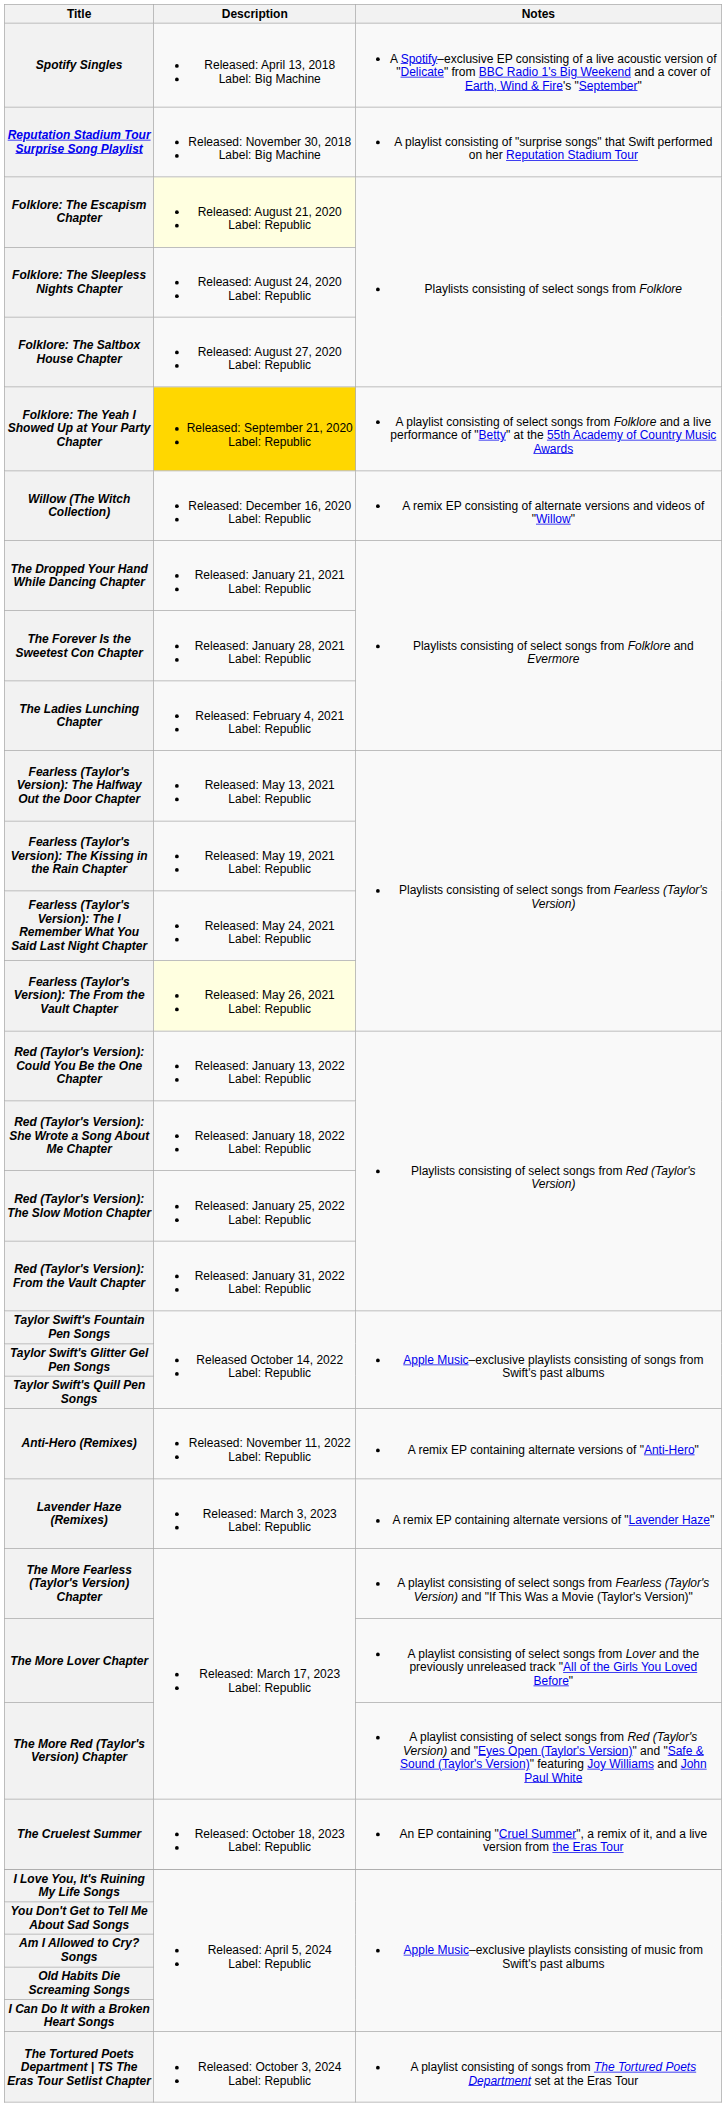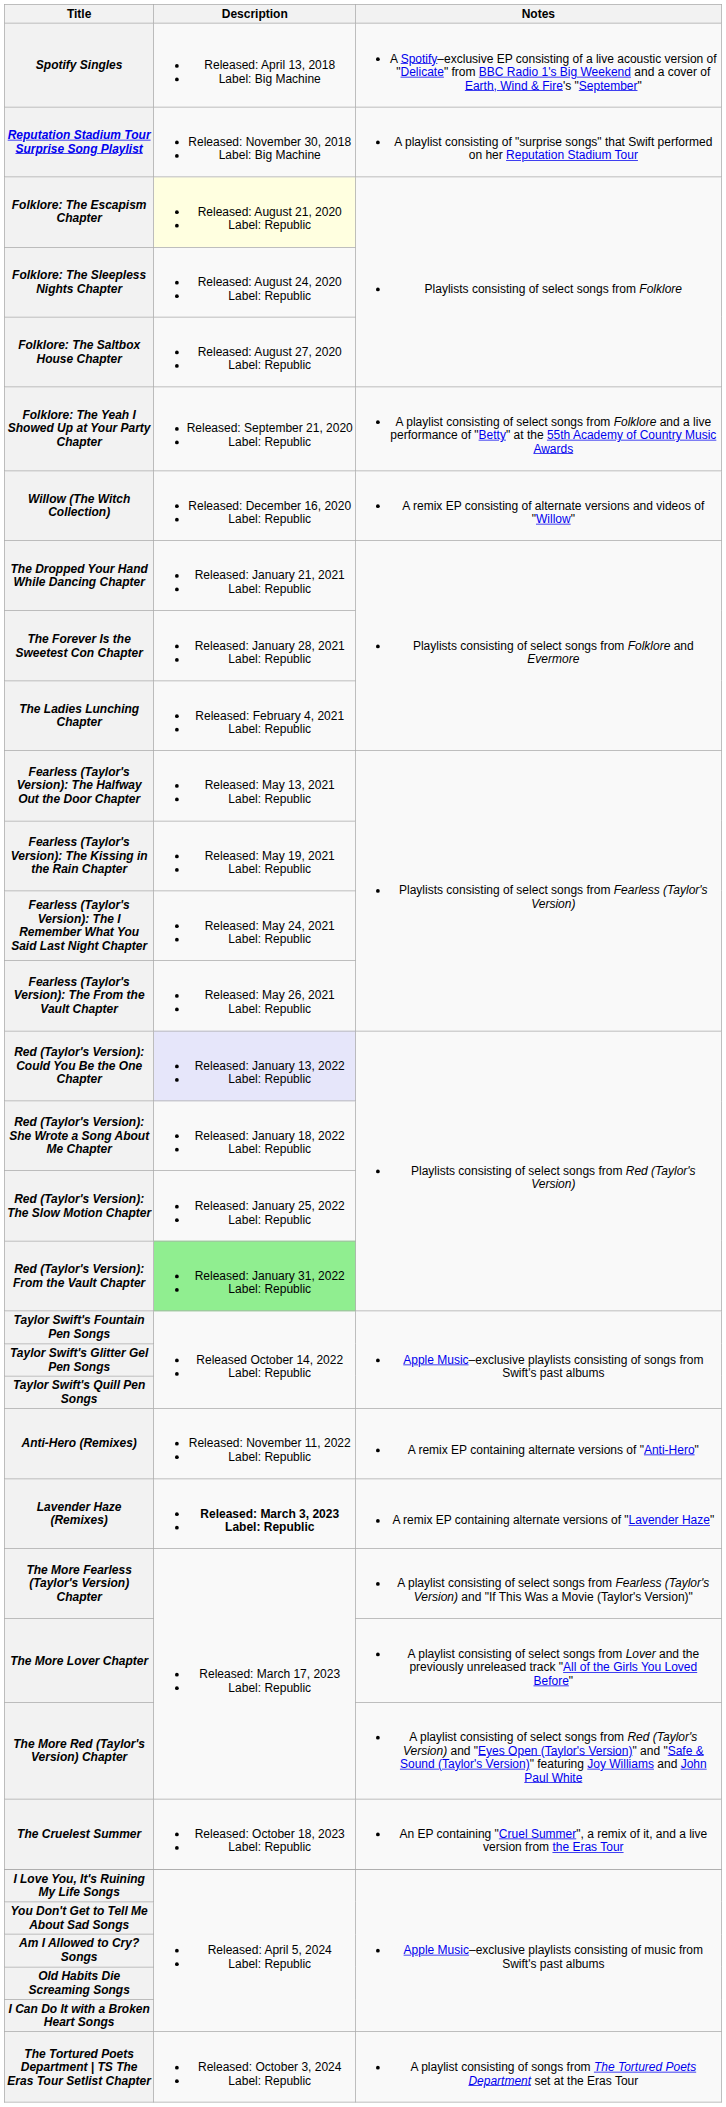 <table class="wikitable plainrowheaders" style="text-align:center;">
 <tr>
 <th scope="col" style="width:12em;">Title</th>
 <th scope="col">Description</th>
 <th scope="col" style="width:30em;">Notes</th>
 </tr>
 <tr>
 <th scope="row"><em>Spotify Singles</em></th>
 <td><br><ul><li>Released: April 13, 2018</li><li>Label: Big Machine</li></ul></td>
 <td><br><ul><li>A <a href='#'>Spotify</a>–exclusive EP consisting of a live acoustic version of "<a href='#'>Delicate</a>" from <a href='#'>BBC Radio 1's Big Weekend</a> and a cover of <a href='#'>Earth, Wind & Fire</a>'s "<a href='#'>September</a>"</li></ul></td>
 </tr>
 <tr>
 <th scope="row"><em><a href='#'>Reputation Stadium Tour Surprise Song Playlist</a></em></th>
 <td><br><ul><li>Released: November 30, 2018</li><li>Label: Big Machine</li></ul></td>
 <td><br><ul><li>A playlist consisting of "surprise songs" that Swift performed on her <a href='#'>Reputation Stadium Tour</a></li></ul></td>
 </tr>
 <tr>
 <th scope="row"><em>Folklore: The Escapism Chapter</em></th>
 <td style="background: lightyellow;"><br><ul><li>Released: August 21, 2020</li><li>Label: Republic</li></ul></td>
 <td rowspan="3"><br><ul><li>Playlists consisting of select songs from <em>Folklore</em></li></ul></td>
 </tr>
 <tr>
 <th scope="row"><em>Folklore: The Sleepless Nights Chapter</em></th>
 <td><br><ul><li>Released: August 24, 2020</li><li>Label: Republic</li></ul></td>
 </tr>
 <tr>
 <th scope="row"><em>Folklore: The Saltbox House Chapter</em></th>
 <td><br><ul><li>Released: August 27, 2020</li><li>Label: Republic</li></ul></td>
 </tr>
 <tr>
 <th scope="row"><em>Folklore: The Yeah I Showed Up at Your Party Chapter</em></th>
-<td style="background: gold;"><br><ul><li>Released: September 21, 2020</li><li>Label: Republic</li></ul></td>
+<td><br><ul><li>Released: September 21, 2020</li><li>Label: Republic</li></ul></td>
 <td><br><ul><li>A playlist consisting of select songs from <em>Folklore</em> and a live performance of "<a href='#'>Betty</a>" at the <a href='#'>55th Academy of Country Music Awards</a></li></ul></td>
 </tr>
 <tr>
 <th scope="row"><em>Willow (The Witch Collection)</em></th>
 <td><br><ul><li>Released: December 16, 2020</li><li>Label: Republic</li></ul></td>
 <td><br><ul><li>A remix EP consisting of alternate versions and videos of "<a href='#'>Willow</a>"</li></ul></td>
 </tr>
 <tr>
 <th scope="row"><em>The Dropped Your Hand While Dancing Chapter</em></th>
 <td><br><ul><li>Released: January 21, 2021</li><li>Label: Republic</li></ul></td>
 <td rowspan="3"><br><ul><li>Playlists consisting of select songs from <em>Folklore</em> and <em>Evermore</em></li></ul></td>
 </tr>
 <tr>
 <th scope="row"><em>The Forever Is the Sweetest Con Chapter</em></th>
 <td><br><ul><li>Released: January 28, 2021</li><li>Label: Republic</li></ul></td>
 </tr>
 <tr>
 <th scope="row"><em>The Ladies Lunching Chapter</em></th>
 <td><br><ul><li>Released: February 4, 2021</li><li>Label: Republic</li></ul></td>
 </tr>
 <tr>
 <th scope="row"><em>Fearless (Taylor's Version): The Halfway Out the Door Chapter</em></th>
 <td><br><ul><li>Released: May 13, 2021</li><li>Label: Republic</li></ul></td>
 <td rowspan="4"><br><ul><li>Playlists consisting of select songs from <em>Fearless (Taylor's Version)</em></li></ul></td>
 </tr>
 <tr>
 <th scope="row"><em>Fearless (Taylor's Version): The Kissing in the Rain Chapter</em></th>
 <td><br><ul><li>Released: May 19, 2021</li><li>Label: Republic</li></ul></td>
 </tr>
 <tr>
 <th scope="row"><em>Fearless (Taylor's Version): The I Remember What You Said Last Night Chapter</em></th>
 <td><br><ul><li>Released: May 24, 2021</li><li>Label: Republic</li></ul></td>
 </tr>
 <tr>
 <th scope="row"><em>Fearless (Taylor's Version): The From the Vault Chapter</em></th>
-<td style="background: lightyellow;"><br><ul><li>Released: May 26, 2021</li><li>Label: Republic</li></ul></td>
+<td><br><ul><li>Released: May 26, 2021</li><li>Label: Republic</li></ul></td>
 </tr>
 <tr>
 <th scope="row"><em>Red (Taylor's Version): Could You Be the One Chapter</em></th>
-<td><br><ul><li>Released: January 13, 2022</li><li>Label: Republic</li></ul></td>
+<td style="background: lavender;"><br><ul><li>Released: January 13, 2022</li><li>Label: Republic</li></ul></td>
 <td rowspan="4"><br><ul><li>Playlists consisting of select songs from <em>Red (Taylor's Version)</em></li></ul></td>
 </tr>
 <tr>
 <th scope="row"><em>Red (Taylor's Version): She Wrote a Song About Me Chapter</em></th>
 <td><br><ul><li>Released: January 18, 2022</li><li>Label: Republic</li></ul></td>
 </tr>
 <tr>
 <th scope="row"><em>Red (Taylor's Version): The Slow Motion Chapter</em></th>
 <td><br><ul><li>Released: January 25, 2022</li><li>Label: Republic</li></ul></td>
 </tr>
 <tr>
 <th scope="row"><em>Red (Taylor's Version): From the Vault Chapter</em></th>
-<td><br><ul><li>Released: January 31, 2022</li><li>Label: Republic</li></ul></td>
+<td style="background: lightgreen;"><br><ul><li>Released: January 31, 2022</li><li>Label: Republic</li></ul></td>
 </tr>
 <tr>
 <th scope="row"><em>Taylor Swift's Fountain Pen Songs</em></th>
 <td rowspan="3"><br><ul><li>Released October 14, 2022</li><li>Label: Republic</li></ul></td>
 <td rowspan="3"><br><ul><li><a href='#'>Apple Music</a>–exclusive playlists consisting of songs from Swift's past albums</li></ul></td>
 </tr>
 <tr>
 <th scope="row"><em>Taylor Swift's Glitter Gel Pen Songs</em></th>
 </tr>
 <tr>
 <th scope="row"><em>Taylor Swift's Quill Pen Songs</em></th>
 </tr>
 <tr>
 <th scope="row"><em>Anti-Hero (Remixes)</em></th>
 <td><br><ul><li>Released: November 11, 2022</li><li>Label: Republic</li></ul></td>
 <td><br><ul><li>A remix EP containing alternate versions of "<a href='#'>Anti-Hero</a>"</li></ul></td>
 </tr>
 <tr>
 <th scope="row"><em>Lavender Haze (Remixes)</em></th>
-<td><br><ul><li>Released: March 3, 2023</li><li>Label: Republic</li></ul></td>
+<td><strong><br><ul><li>Released: March 3, 2023</li><li>Label: Republic</li></ul></strong></td>
 <td><br><ul><li>A remix EP containing alternate versions of "<a href='#'>Lavender Haze</a>"</li></ul></td>
 </tr>
 <tr>
 <th scope="row"><em>The More Fearless (Taylor's Version) Chapter</em></th>
 <td rowspan="3"><br><ul><li>Released: March 17, 2023</li><li>Label: Republic</li></ul></td>
 <td><br><ul><li>A playlist consisting of select songs from <em>Fearless (Taylor's Version)</em> and "If This Was a Movie (Taylor's Version)"</li></ul></td>
 </tr>
 <tr>
 <th scope="row"><em>The More Lover Chapter</em></th>
 <td><br><ul><li>A playlist consisting of select songs from <em>Lover</em> and the previously unreleased track "<a href='#'>All of the Girls You Loved Before</a>"</li></ul></td>
 </tr>
 <tr>
 <th scope="row"><em>The More Red (Taylor's Version) Chapter</em></th>
 <td><br><ul><li>A playlist consisting of select songs from <em>Red (Taylor's Version)</em> and "<a href='#'>Eyes Open (Taylor's Version)</a>" and "<a href='#'>Safe & Sound (Taylor's Version)</a>" featuring <a href='#'>Joy Williams</a> and <a href='#'>John Paul White</a></li></ul></td>
 </tr>
 <tr>
 <th scope="row"><em>The Cruelest Summer</em></th>
 <td><br><ul><li>Released: October 18, 2023</li><li>Label: Republic</li></ul></td>
 <td><br><ul><li>An EP containing "<a href='#'>Cruel Summer</a>", a remix of it, and a live version from <a href='#'>the Eras Tour</a></li></ul></td>
 </tr>
 <tr>
 </tr>
 <tr>
 <th scope="row"><em>I Love You, It's Ruining My Life Songs</em></th>
 <td rowspan="5"><br><ul><li>Released: April 5, 2024</li><li>Label: Republic</li></ul></td>
 <td rowspan="5"><br><ul><li><a href='#'>Apple Music</a>–exclusive playlists consisting of music from Swift's past albums</li></ul></td>
 </tr>
 <tr>
 <th scope="row"><em>You Don't Get to Tell Me About Sad Songs</em></th>
 </tr>
 <tr>
 <th scope="row"><em>Am I Allowed to Cry? Songs</em></th>
 </tr>
 <tr>
 <th scope="row"><em>Old Habits Die Screaming Songs</em></th>
 </tr>
 <tr>
 <th scope="row"><em>I Can Do It with a Broken Heart Songs</em></th>
 </tr>
 <tr>
 <th scope="row"><em>The Tortured Poets Department | TS The Eras Tour Setlist Chapter</em></th>
 <td><br><ul><li>Released: October 3, 2024</li><li>Label: Republic</li></ul></td>
 <td><br><ul><li>A playlist consisting of songs from <em><a href='#'>The Tortured Poets Department</a></em> set at the Eras Tour</li></ul></td>
 </tr>
 </table>
